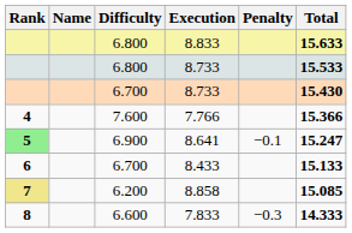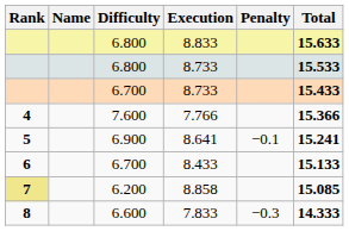 <table class="wikitable sortable" style="text-align:center">
 <tr>
 <th>Rank</th>
 <th>Name</th>
 <th>Difficulty</th>
 <th>Execution</th>
 <th>Penalty</th>
 <th>Total</th>
 </tr>
 <tr style="background:#F7F6A8;">
 <td></td>
 <td align="left"></td>
 <td>6.800</td>
 <td>8.833</td>
 <td></td>
 <td><strong>15.633</strong></td>
 </tr>
 <tr style="background:#DCE5E5;">
 <td></td>
 <td align="left"></td>
 <td>6.800</td>
 <td>8.733</td>
 <td></td>
 <td><strong>15.533</strong></td>
 </tr>
 <tr style="background:#FFDAB9;">
 <td></td>
 <td align="left"></td>
 <td>6.700</td>
 <td>8.733</td>
 <td></td>
-<td><strong>15.430</strong></td>
+<td><strong>15.433</strong></td>
 </tr>
 <tr>
 <td><strong>4</strong></td>
 <td align="left"></td>
 <td>7.600</td>
 <td>7.766</td>
 <td></td>
 <td><strong>15.366</strong></td>
 </tr>
 <tr>
-<td style="background: lightgreen;"><strong>5</strong></td>
+<td><strong>5</strong></td>
 <td align="left"></td>
 <td>6.900</td>
 <td>8.641</td>
 <td>−0.1</td>
-<td><strong>15.247</strong></td>
+<td><strong>15.241</strong></td>
 </tr>
 <tr>
 <td><strong>6</strong></td>
 <td align="left"></td>
 <td>6.700</td>
 <td>8.433</td>
 <td></td>
 <td><strong>15.133</strong></td>
 </tr>
 <tr>
 <td style="background: khaki;"><strong>7</strong></td>
 <td align="left"></td>
 <td>6.200</td>
 <td>8.858</td>
 <td></td>
 <td><strong>15.085</strong></td>
 </tr>
 <tr>
 <td><strong>8</strong></td>
 <td align="left"></td>
 <td>6.600</td>
 <td>7.833</td>
 <td>−0.3</td>
 <td><strong>14.333</strong></td>
 </tr>
 </table>
